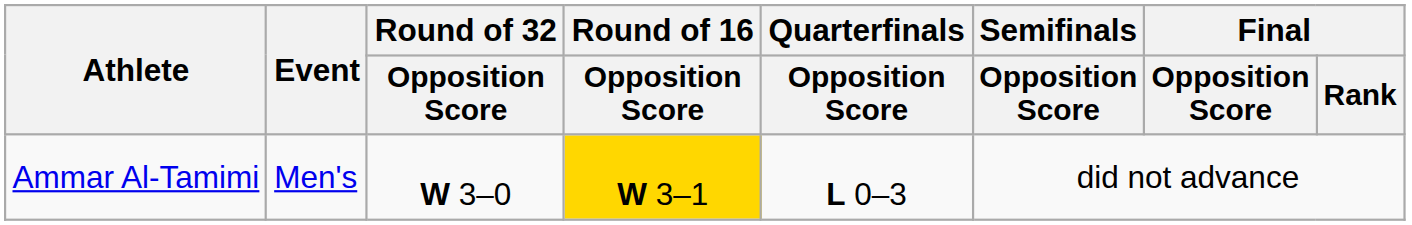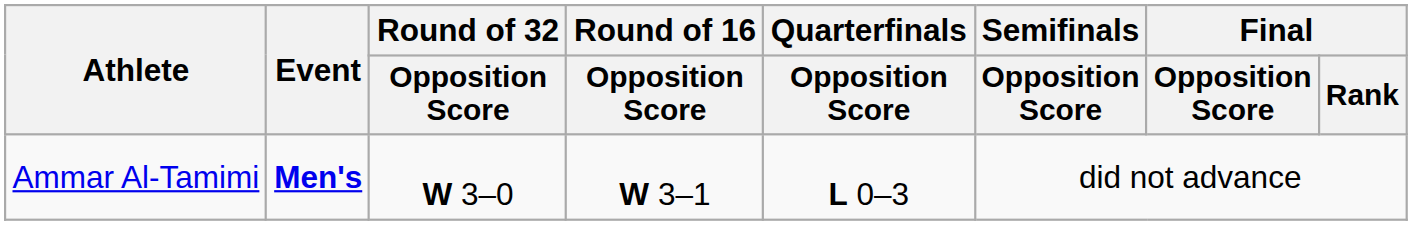 <table class=wikitable style="font-size:90%; text-align:center;">
 <tr>
 <th rowspan="2">Athlete</th>
 <th rowspan="2">Event</th>
 <th>Round of 32</th>
 <th>Round of 16</th>
 <th>Quarterfinals</th>
 <th>Semifinals</th>
 <th colspan=2>Final</th>
 </tr>
 <tr style="font-size:95%">
 <th>Opposition<br>Score</th>
 <th>Opposition<br>Score</th>
 <th>Opposition<br>Score</th>
 <th>Opposition<br>Score</th>
 <th>Opposition<br>Score</th>
 <th>Rank</th>
 </tr>
 <tr>
 <td align=left><a href='#'>Ammar Al-Tamimi</a></td>
-<td align=left><a href='#'>Men's</a></td>
+<td align=left><strong><a href='#'>Men's</a></strong></td>
 <td><br><strong>W</strong> 3–0</td>
-<td style="background: gold;"><br><strong>W</strong> 3–1</td>
+<td><br><strong>W</strong> 3–1</td>
 <td><br><strong>L</strong> 0–3</td>
 <td colspan=3>did not advance</td>
 </tr>
 </table>
